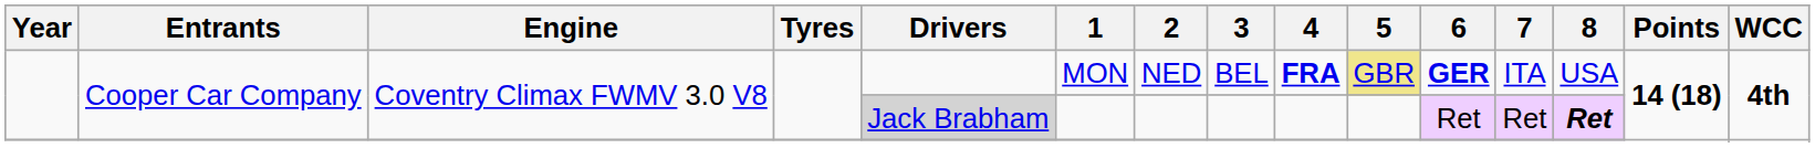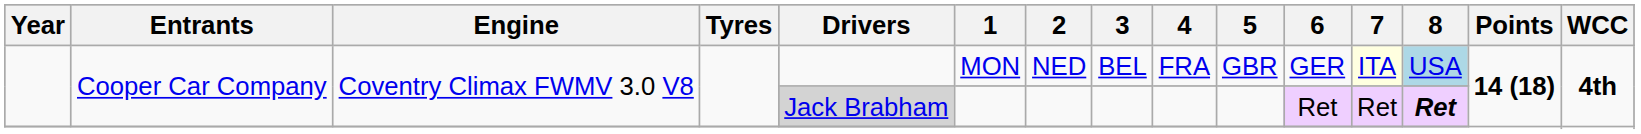 <table class="wikitable" style="text-align:center; font-size:95%">
 <tr>
 <th>Year</th>
 <th>Entrants</th>
 <th>Engine</th>
 <th>Tyres</th>
 <th>Drivers</th>
 <th>1</th>
 <th>2</th>
 <th>3</th>
 <th>4</th>
 <th>5</th>
 <th>6</th>
 <th>7</th>
 <th>8</th>
 <th>Points</th>
 <th>WCC</th>
 </tr>
 <tr>
 <td rowspan="2"></td>
 <td rowspan="2"><a href='#'>Cooper Car Company</a></td>
 <td rowspan="2"><a href='#'>Coventry Climax FWMV</a> 3.0 <a href='#'>V8</a></td>
 <td rowspan="2"></td>
 <td></td>
 <td><a href='#'>MON</a></td>
 <td><a href='#'>NED</a></td>
 <td><a href='#'>BEL</a></td>
-<td><strong><a href='#'>FRA</a></strong></td>
-<td style="background: khaki;"><a href='#'>GBR</a></td>
-<td><strong><a href='#'>GER</a></strong></td>
-<td><a href='#'>ITA</a></td>
-<td><a href='#'>USA</a></td>
+<td><a href='#'>FRA</a></td>
+<td><a href='#'>GBR</a></td>
+<td><a href='#'>GER</a></td>
+<td style="background: lightyellow;"><a href='#'>ITA</a></td>
+<td style="background: lightblue;"><a href='#'>USA</a></td>
 <td rowspan="3"><strong>14 (18)</strong></td>
 <td rowspan="3"><strong>4th</strong></td>
 </tr>
 <tr>
 <td style="background: lightgrey;"><a href='#'>Jack Brabham</a></td>
 <td></td>
 <td></td>
 <td></td>
 <td></td>
 <td></td>
 <td style="background:#efcfff;">Ret</td>
 <td style="background:#efcfff;">Ret</td>
 <td style="background:#efcfff;"><strong><em>Ret</em></strong></td>
 </tr>
 <tr>
 </tr>
 </table>
